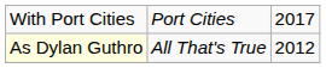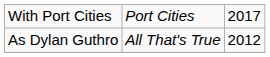 <table class="wikitable">
 <tr>
 <td>With Port Cities</td>
 <td><em>Port Cities</em></td>
 <td>2017</td>
 </tr>
 <tr>
-<td style="background: lightyellow;">As Dylan Guthro</td>
+<td>As Dylan Guthro</td>
 <td><em>All That's True</em></td>
 <td>2012</td>
 </tr>
 <tr>
 </tr>
 </table>
